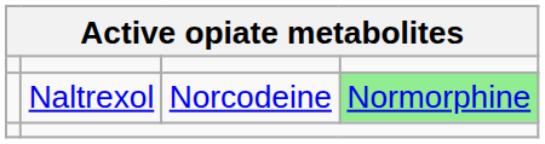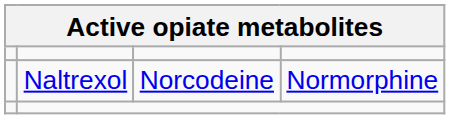 <table class="wikitable" style="font-size:smaller; text-align:center">
 <tr>
 <th colspan="5">Active opiate metabolites</th>
 </tr>
 <tr>
 <td></td>
 <td></td>
 <td></td>
 <td></td>
 </tr>
 <tr>
 <td></td>
 <td> <a href='#'>Naltrexol</a></td>
 <td> <a href='#'>Norcodeine</a></td>
-<td style="background: lightgreen;"> <a href='#'>Normorphine</a></td>
+<td> <a href='#'>Normorphine</a></td>
 </tr>
 <tr>
 <td></td>
 </tr>
 </table>
